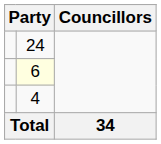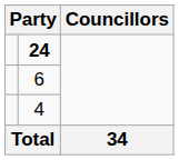 <table class="wikitable">
 <tr>
 <th colspan=2>Party</th>
 <th>Councillors</th>
 </tr>
 <tr>
 <td></td>
-<td align=center>24</td>
+<td align=center><strong>24</strong></td>
 </tr>
 <tr>
 <td></td>
-<td align=center style="background: lightyellow;">6</td>
+<td align=center>6</td>
 </tr>
 <tr>
 <td></td>
 <td align=center>4</td>
 </tr>
 <tr>
 <th colspan=2>Total</th>
 <th align=center>34</th>
 </tr>
 </table>
